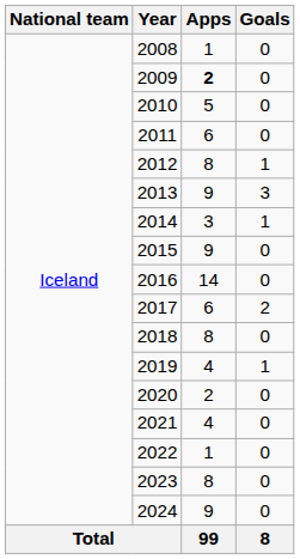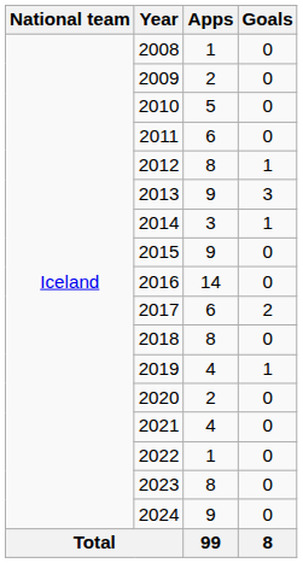 <table class="wikitable" style="text-align:center">
 <tr>
 <th>National team</th>
 <th>Year</th>
 <th>Apps</th>
 <th>Goals</th>
 </tr>
 <tr>
 <td rowspan="17"><a href='#'>Iceland</a></td>
 <td>2008</td>
 <td>1</td>
 <td>0</td>
 </tr>
 <tr>
 <td>2009</td>
-<td><strong>2</strong></td>
+<td>2</td>
 <td>0</td>
 </tr>
 <tr>
 <td>2010</td>
 <td>5</td>
 <td>0</td>
 </tr>
 <tr>
 <td>2011</td>
 <td>6</td>
 <td>0</td>
 </tr>
 <tr>
 <td>2012</td>
 <td>8</td>
 <td>1</td>
 </tr>
 <tr>
 <td>2013</td>
 <td>9</td>
 <td>3</td>
 </tr>
 <tr>
 <td>2014</td>
 <td>3</td>
 <td>1</td>
 </tr>
 <tr>
 <td>2015</td>
 <td>9</td>
 <td>0</td>
 </tr>
 <tr>
 <td>2016</td>
 <td>14</td>
 <td>0</td>
 </tr>
 <tr>
 <td>2017</td>
 <td>6</td>
 <td>2</td>
 </tr>
 <tr>
 <td>2018</td>
 <td>8</td>
 <td>0</td>
 </tr>
 <tr>
 <td>2019</td>
 <td>4</td>
 <td>1</td>
 </tr>
 <tr>
 <td>2020</td>
 <td>2</td>
 <td>0</td>
 </tr>
 <tr>
 <td>2021</td>
 <td>4</td>
 <td>0</td>
 </tr>
 <tr>
 <td>2022</td>
 <td>1</td>
 <td>0</td>
 </tr>
 <tr>
 <td>2023</td>
 <td>8</td>
 <td>0</td>
 </tr>
 <tr>
 <td>2024</td>
 <td>9</td>
 <td>0</td>
 </tr>
 <tr>
 <th colspan="2">Total</th>
 <th>99</th>
 <th>8</th>
 </tr>
 </table>
